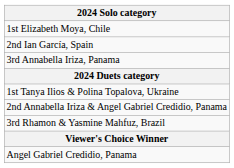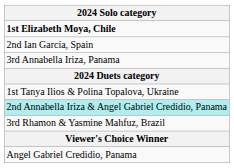 <table class="wikitable" style="float:left; margin-right:1em">
 <tr>
 <th>2024 Solo category</th>
 </tr>
 <tr>
-<td>1st Elizabeth Moya, Chile</td>
+<td><strong>1st Elizabeth Moya, Chile</strong></td>
 </tr>
 <tr>
 <td>2nd Ian García, Spain</td>
 </tr>
 <tr>
 <td>3rd Annabella Iriza, Panama</td>
 </tr>
 <tr>
 <th>2024 Duets category</th>
 </tr>
 <tr>
 <td>1st Tanya Ilios & Polina Topalova, Ukraine</td>
 </tr>
 <tr>
-<td>2nd Annabella Iriza & Angel Gabriel Credidio, Panama</td>
+<td style="background: paleturquoise;">2nd Annabella Iriza & Angel Gabriel Credidio, Panama</td>
 </tr>
 <tr>
 <td>3rd Rhamon & Yasmine Mahfuz, Brazil</td>
 </tr>
 <tr>
 <th>Viewer's Choice Winner</th>
 </tr>
 <tr>
 <td>Angel Gabriel Credidio, Panama</td>
 </tr>
 </table>
